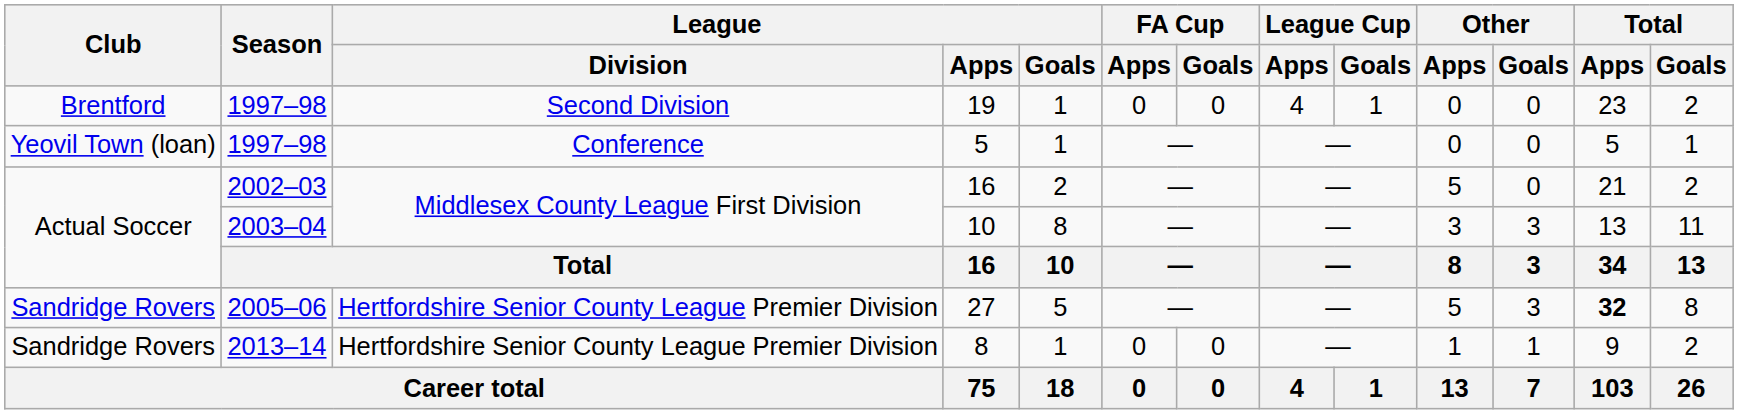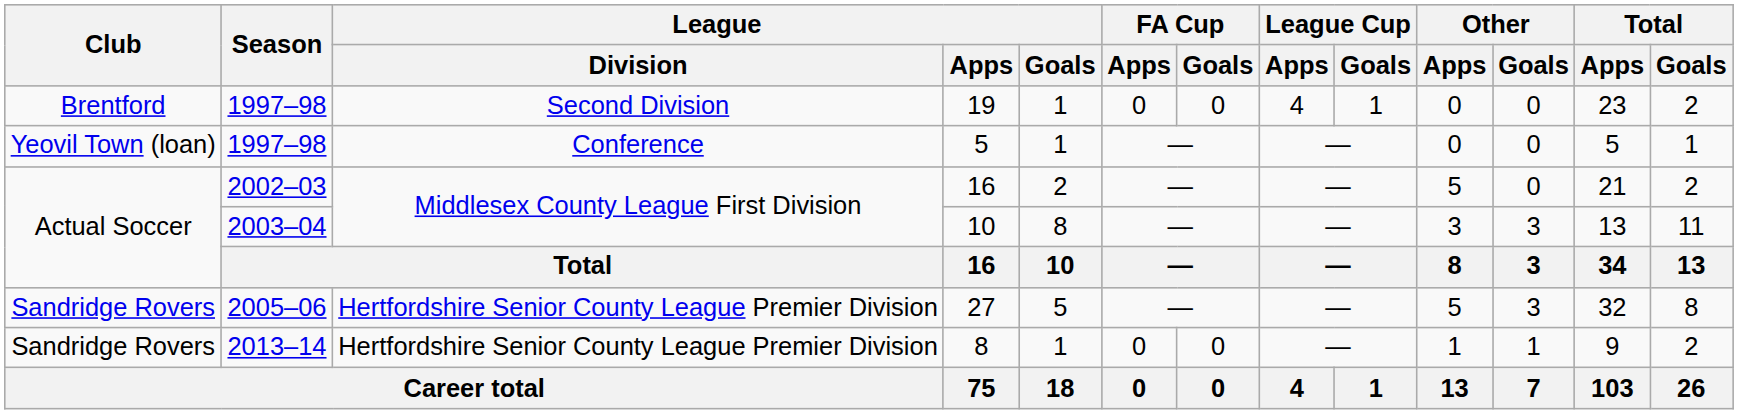 <table class="wikitable" style="text-align: center;">
 <tr>
 <th rowspan="2">Club</th>
 <th rowspan="2">Season</th>
 <th colspan="3">League</th>
 <th colspan="2">FA Cup</th>
 <th colspan="2">League Cup</th>
 <th colspan="2">Other</th>
 <th colspan="2">Total</th>
 </tr>
 <tr>
 <th>Division</th>
 <th>Apps</th>
 <th>Goals</th>
 <th>Apps</th>
 <th>Goals</th>
 <th>Apps</th>
 <th>Goals</th>
 <th>Apps</th>
 <th>Goals</th>
 <th>Apps</th>
 <th>Goals</th>
 </tr>
 <tr>
 <td><a href='#'>Brentford</a></td>
 <td><a href='#'>1997–98</a></td>
 <td><a href='#'>Second Division</a></td>
 <td>19</td>
 <td>1</td>
 <td>0</td>
 <td>0</td>
 <td>4</td>
 <td>1</td>
 <td>0</td>
 <td>0</td>
 <td>23</td>
 <td>2</td>
 </tr>
 <tr>
 <td><a href='#'>Yeovil Town</a> (loan)</td>
 <td><a href='#'>1997–98</a></td>
 <td><a href='#'>Conference</a></td>
 <td>5</td>
 <td>1</td>
 <td colspan="2">—</td>
 <td colspan="2">—</td>
 <td>0</td>
 <td>0</td>
 <td>5</td>
 <td>1</td>
 </tr>
 <tr>
 <td rowspan="3">Actual Soccer</td>
 <td><a href='#'>2002–03</a></td>
 <td rowspan="2"><a href='#'>Middlesex County League</a> First Division</td>
 <td>16</td>
 <td>2</td>
 <td colspan="2">—</td>
 <td colspan="2">—</td>
 <td>5</td>
 <td>0</td>
 <td>21</td>
 <td>2</td>
 </tr>
 <tr>
 <td><a href='#'>2003–04</a></td>
 <td>10</td>
 <td>8</td>
 <td colspan="2">—</td>
 <td colspan="2">—</td>
 <td>3</td>
 <td>3</td>
 <td>13</td>
 <td>11</td>
 </tr>
 <tr>
 <th colspan="2">Total</th>
 <th>16</th>
 <th>10</th>
 <th colspan="2">—</th>
 <th colspan="2">—</th>
 <th>8</th>
 <th>3</th>
 <th>34</th>
 <th>13</th>
 </tr>
 <tr>
 <td><a href='#'>Sandridge Rovers</a></td>
 <td><a href='#'>2005–06</a></td>
 <td><a href='#'>Hertfordshire Senior County League</a> Premier Division</td>
 <td>27</td>
 <td>5</td>
 <td colspan="2">—</td>
 <td colspan="2">—</td>
 <td>5</td>
 <td>3</td>
-<td><strong>32</strong></td>
+<td>32</td>
 <td>8</td>
 </tr>
 <tr>
 <td>Sandridge Rovers</td>
 <td><a href='#'>2013–14</a></td>
 <td>Hertfordshire Senior County League Premier Division</td>
 <td>8</td>
 <td>1</td>
 <td>0</td>
 <td>0</td>
 <td colspan="2">—</td>
 <td>1</td>
 <td>1</td>
 <td>9</td>
 <td>2</td>
 </tr>
 <tr>
 <th colspan="3">Career total</th>
 <th>75</th>
 <th>18</th>
 <th>0</th>
 <th>0</th>
 <th>4</th>
 <th>1</th>
 <th>13</th>
 <th>7</th>
 <th>103</th>
 <th>26</th>
 </tr>
 </table>
